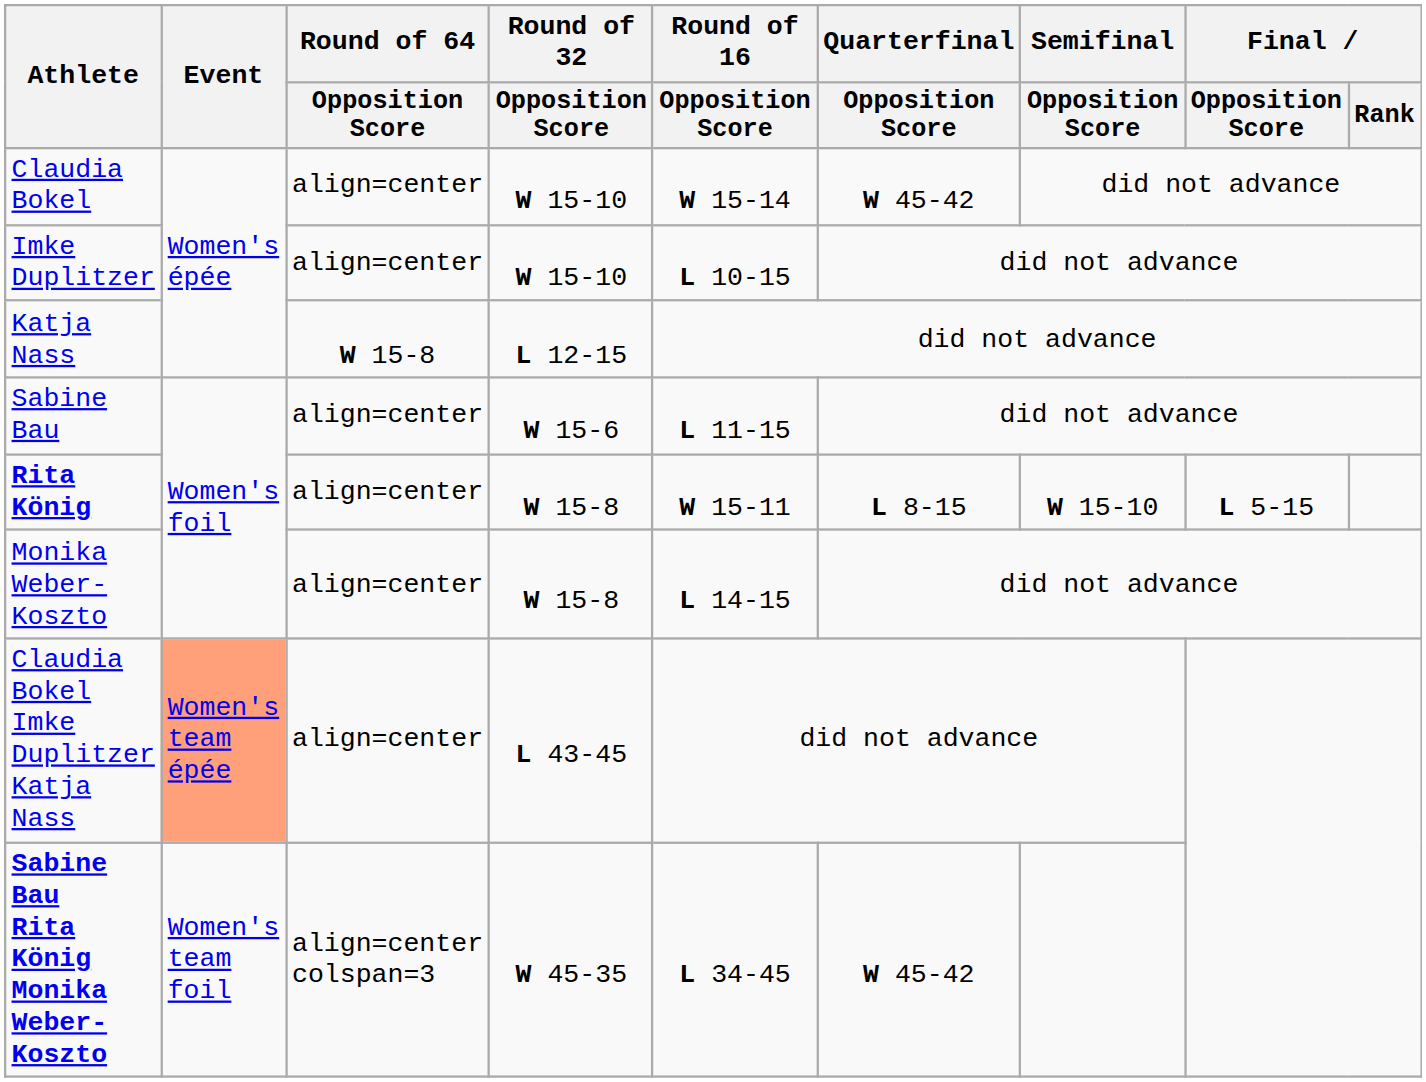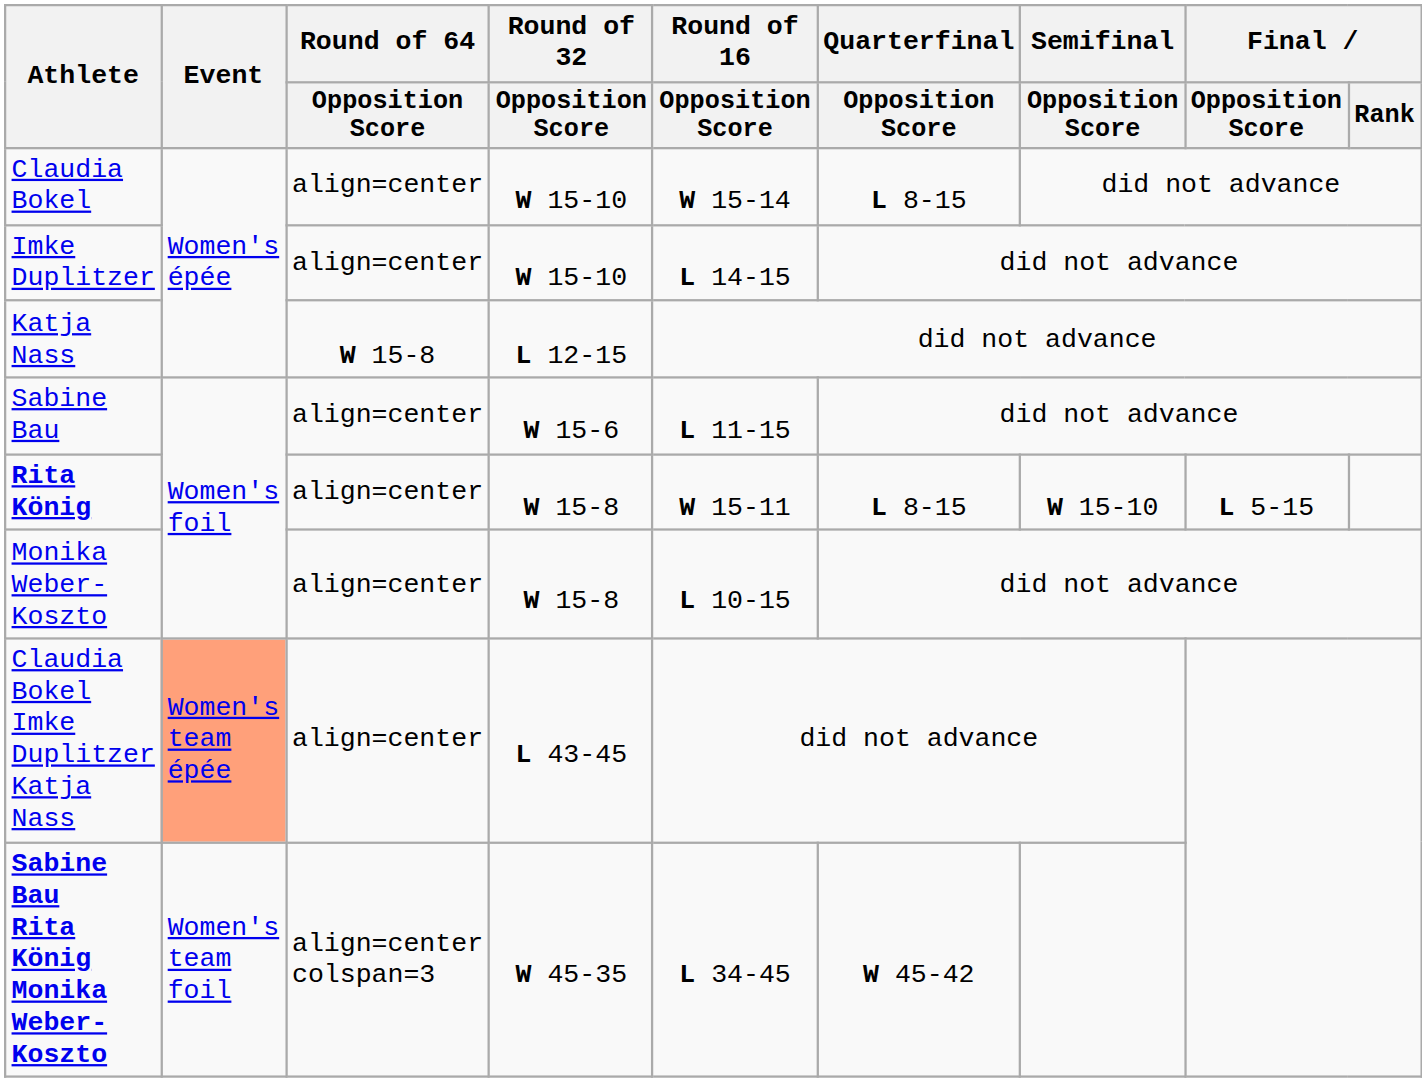 <table class="wikitable" style="font-size:90%">
 <tr>
 <th rowspan="2">Athlete</th>
 <th rowspan="2">Event</th>
 <th>Round of 64</th>
 <th>Round of 32</th>
 <th>Round of 16</th>
 <th>Quarterfinal</th>
 <th>Semifinal</th>
 <th colspan=2>Final / </th>
 </tr>
 <tr style="font-size:95%">
 <th>Opposition <br> Score</th>
 <th>Opposition <br> Score</th>
 <th>Opposition <br> Score</th>
 <th>Opposition <br> Score</th>
 <th>Opposition <br> Score</th>
 <th>Opposition <br> Score</th>
 <th>Rank</th>
 </tr>
 <tr>
 <td align=left><a href='#'>Claudia Bokel</a></td>
 <td align=left rowspan=3><a href='#'>Women's épée</a></td>
 <td>align=center </td>
 <td align=center><br><strong>W</strong> 15-10</td>
 <td align=center><br><strong>W</strong> 15-14</td>
-<td align=center><br><strong>W</strong> 45-42</td>
+<td align=center><br><strong>L</strong> 8-15</td>
 <td align=center colspan=3>did not advance</td>
 </tr>
 <tr>
 <td align=left><a href='#'>Imke Duplitzer</a></td>
 <td>align=center </td>
 <td align=center><br><strong>W</strong> 15-10</td>
-<td align=center><br><strong>L</strong> 10-15</td>
+<td align=center><br><strong>L</strong> 14-15</td>
 <td align=center colspan=4>did not advance</td>
 </tr>
 <tr>
 <td align=left><a href='#'>Katja Nass</a></td>
 <td align=center><br><strong>W</strong> 15-8</td>
 <td align=center><br><strong>L</strong> 12-15</td>
 <td align=center colspan=5>did not advance</td>
 </tr>
 <tr>
 <td align=left><a href='#'>Sabine Bau</a></td>
 <td align=left rowspan=3><a href='#'>Women's foil</a></td>
 <td>align=center </td>
 <td align=center><br><strong>W</strong> 15-6</td>
 <td align=center><br><strong>L</strong> 11-15</td>
 <td align=center colspan=4>did not advance</td>
 </tr>
 <tr>
 <td align=left><strong><a href='#'>Rita König</a></strong></td>
 <td>align=center </td>
 <td align=center><br><strong>W</strong> 15-8</td>
 <td align=center><br><strong>W</strong> 15-11</td>
 <td align=center><br><strong>L</strong> 8-15</td>
 <td align=center><br><strong>W</strong> 15-10</td>
 <td align=center><br><strong>L</strong> 5-15</td>
 <td align=center></td>
 </tr>
 <tr>
 <td align=left><a href='#'>Monika Weber-Koszto</a></td>
 <td>align=center </td>
 <td align=center><br><strong>W</strong> 15-8</td>
-<td align=center><br><strong>L</strong> 14-15</td>
+<td align=center><br><strong>L</strong> 10-15</td>
 <td align=center colspan=4>did not advance</td>
 </tr>
 <tr>
 <td align=left><a href='#'>Claudia Bokel</a><br> <a href='#'>Imke Duplitzer</a><br> <a href='#'>Katja Nass</a></td>
 <td align=left style="background: lightsalmon;"><a href='#'>Women's team épée</a></td>
 <td>align=center </td>
 <td align=center><br><strong>L</strong> 43-45</td>
 <td align=center colspan=3>did not advance</td>
 </tr>
 <tr>
 <td align=left><strong><a href='#'>Sabine Bau</a></strong><br> <strong><a href='#'>Rita König</a></strong><br> <strong><a href='#'>Monika Weber-Koszto</a></strong></td>
 <td align=left><a href='#'>Women's team foil</a></td>
 <td>align=center colspan=3 </td>
 <td align=center><br><strong>W</strong> 45-35</td>
 <td align=center><br><strong>L</strong> 34-45</td>
 <td align=center><br><strong>W</strong> 45-42</td>
 <td align=center></td>
 </tr>
 </table>
